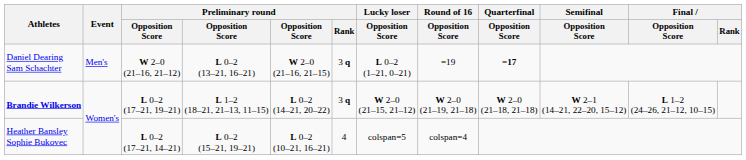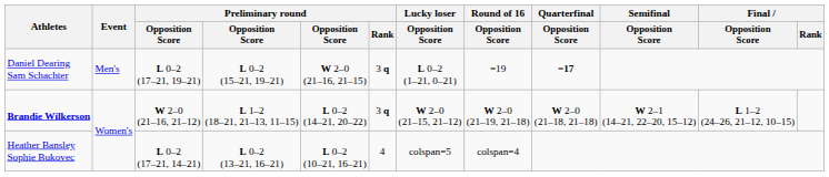 <table class=wikitable style=font-size:90%;text-align:center>
 <tr>
 <th rowspan=2>Athletes</th>
 <th rowspan=2>Event</th>
 <th colspan=4>Preliminary round</th>
 <th>Lucky loser</th>
 <th>Round of 16</th>
 <th>Quarterfinal</th>
 <th>Semifinal</th>
 <th colspan=2>Final / </th>
 </tr>
 <tr style=font-size:95%>
 <th>Opposition<br>Score</th>
 <th>Opposition<br>Score</th>
 <th>Opposition<br>Score</th>
 <th>Rank</th>
 <th>Opposition<br>Score</th>
 <th>Opposition<br>Score</th>
 <th>Opposition<br>Score</th>
 <th>Opposition<br>Score</th>
 <th>Opposition<br>Score</th>
 <th>Rank</th>
 </tr>
 <tr>
 <td align=left><a href='#'>Daniel Dearing</a><br><a href='#'>Sam Schachter</a></td>
 <td align=left><a href='#'>Men's</a></td>
-<td><br><strong>W</strong> 2–0<br>(21–16, 21–12)</td>
-<td><br><strong>L</strong> 0–2<br>(13–21, 16–21)</td>
+<td><br><strong>L</strong> 0–2<br>(17–21, 19–21)</td>
+<td><br><strong>L</strong> 0–2<br>(15–21, 19–21)</td>
 <td><br><strong>W</strong> 2–0<br>(21–16, 21–15)</td>
 <td>3 <strong>q</strong></td>
 <td><br><strong>L</strong> 0–2<br>(1–21, 0–21) <small></small></td>
 <td>=19</td>
 <td><strong>=17</strong></td>
 </tr>
 <tr>
 <td align=left><strong><br><a href='#'>Brandie Wilkerson</a></strong></td>
 <td align=left rowspan=2><a href='#'>Women's</a></td>
-<td><br><strong>L</strong> 0–2<br>(17–21, 19–21)</td>
+<td><br><strong>W</strong> 2–0<br>(21–16, 21–12)</td>
 <td><br><strong>L</strong> 1–2<br>(18–21, 21–13, 11–15)</td>
 <td><br><strong>L</strong> 0–2<br>(14–21, 20–22)</td>
 <td>3 <strong>q</strong></td>
 <td><br><strong>W</strong> 2–0<br>(21–15, 21–12)</td>
 <td><br><strong>W</strong> 2–0<br>(21–19, 21–18)</td>
 <td><br><strong>W</strong> 2–0<br>(21–18, 21–18)</td>
 <td><br><strong>W</strong> 2–1<br>(14–21, 22–20, 15–12)</td>
 <td><br><strong>L</strong> 1–2<br>(24–26, 21–12, 10–15)</td>
 <td></td>
 </tr>
 <tr>
 <td align=left><a href='#'>Heather Bansley</a><br><a href='#'>Sophie Bukovec</a></td>
 <td><br><strong>L</strong> 0–2<br>(17–21, 14–21)</td>
-<td><br><strong>L</strong> 0–2<br>(15–21, 19–21)</td>
+<td><br><strong>L</strong> 0–2<br>(13–21, 16–21)</td>
 <td><br><strong>L</strong> 0–2<br>(10–21, 16–21)</td>
 <td>4</td>
 <td>colspan=5 </td>
 <td>colspan=4 </td>
 </tr>
 </table>
